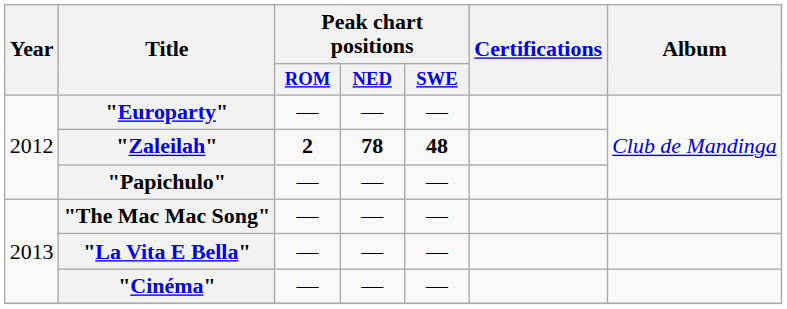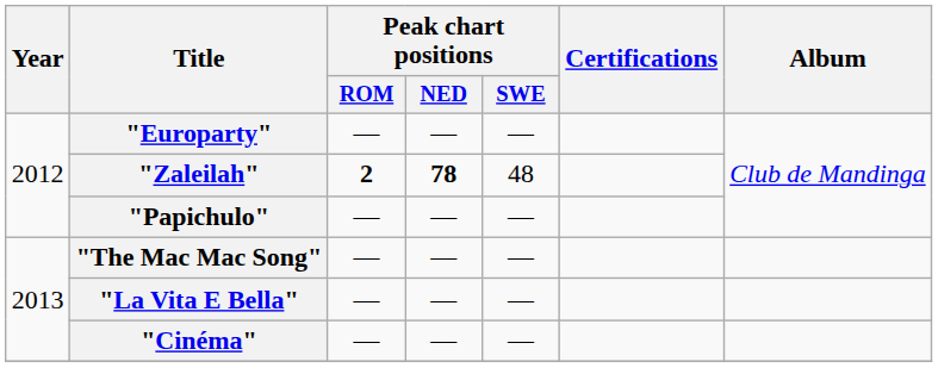 <table class="wikitable plainrowheaders" style="text-align:center;">
 <tr>
 <th scope="col" rowspan="2">Year</th>
 <th scope="col" rowspan="2">Title</th>
 <th scope="col" colspan="3">Peak chart positions</th>
 <th scope="col" rowspan="2"><a href='#'>Certifications</a></th>
 <th scope="col" rowspan="2">Album</th>
 </tr>
 <tr>
 <th scope="col" style="width:3em;font-size:85%;"><a href='#'>ROM</a><br></th>
 <th scope="col" style="width:3em;font-size:85%;"><a href='#'>NED</a><br></th>
 <th scope="col" style="width:3em;font-size:85%;"><a href='#'>SWE</a><br></th>
 </tr>
 <tr>
 <td rowspan="3">2012</td>
 <th scope="row">"<a href='#'>Europarty</a>"</th>
 <td>—</td>
 <td>—</td>
 <td>—</td>
 <td></td>
 <td rowspan="3"><em><a href='#'>Club de Mandinga</a></em></td>
 </tr>
 <tr>
 <th scope="row">"<a href='#'>Zaleilah</a>"</th>
 <td><strong>2</strong></td>
 <td><strong>78</strong></td>
-<td><strong>48</strong></td>
+<td>48</td>
 <td></td>
 </tr>
 <tr>
 <th scope="row">"Papichulo"</th>
 <td>—</td>
 <td>—</td>
 <td>—</td>
 <td></td>
 </tr>
 <tr>
 <td rowspan="3">2013</td>
 <th scope="row">"The Mac Mac Song"</th>
 <td>—</td>
 <td>—</td>
 <td>—</td>
 <td></td>
 <td></td>
 </tr>
 <tr>
 <th scope="row">"<a href='#'>La Vita E Bella</a>"</th>
 <td>—</td>
 <td>—</td>
 <td>—</td>
 <td></td>
 <td></td>
 </tr>
 <tr>
 <th scope="row">"<a href='#'>Cinéma</a>"</th>
 <td>—</td>
 <td>—</td>
 <td>—</td>
 <td></td>
 <td></td>
 </tr>
 <tr>
 </tr>
 </table>
